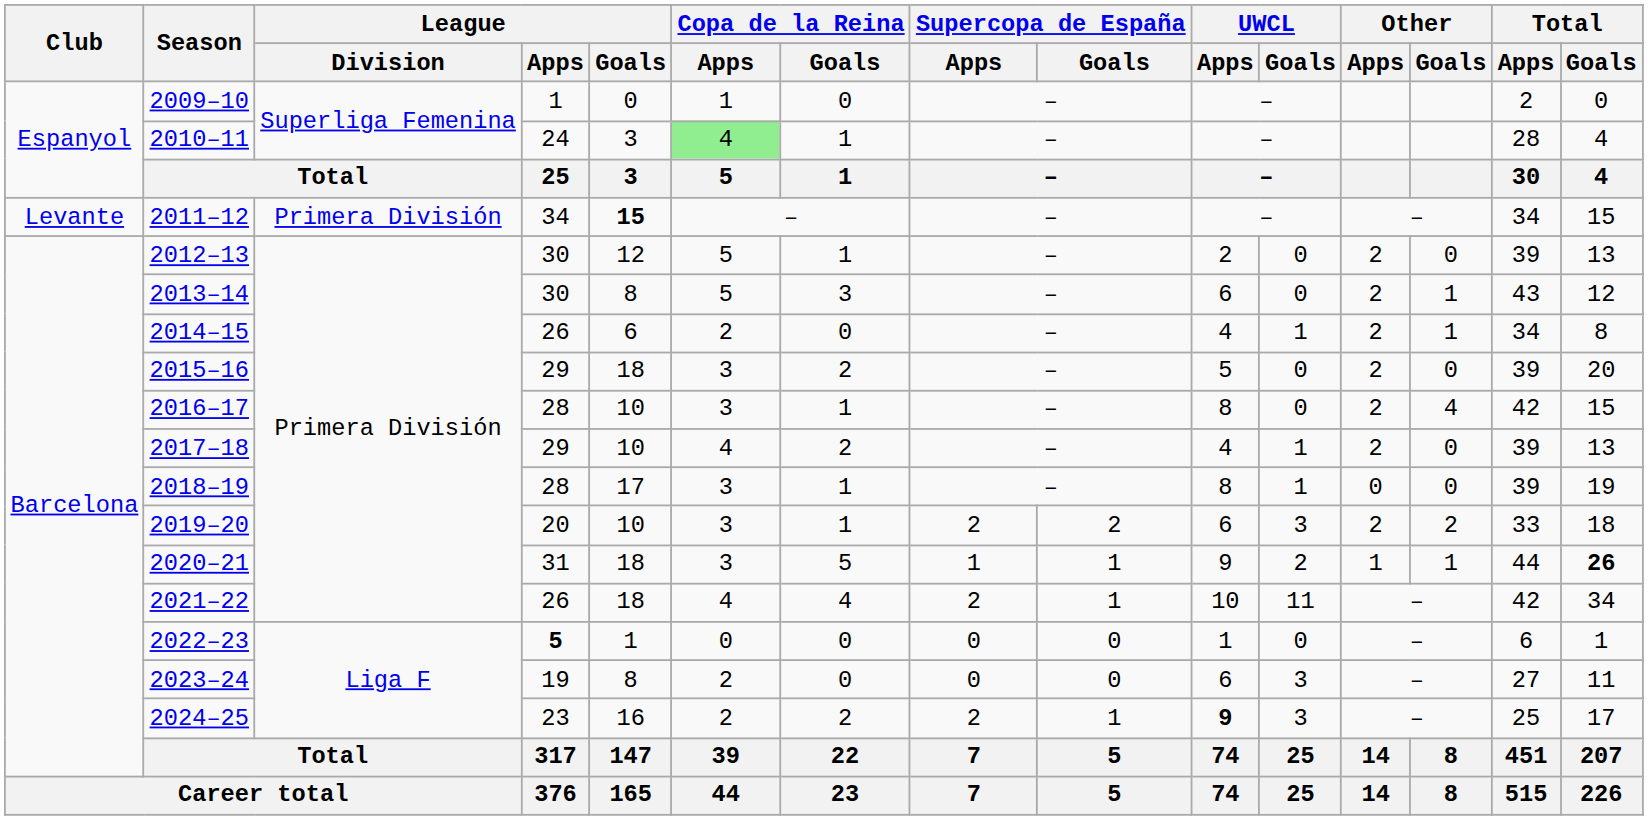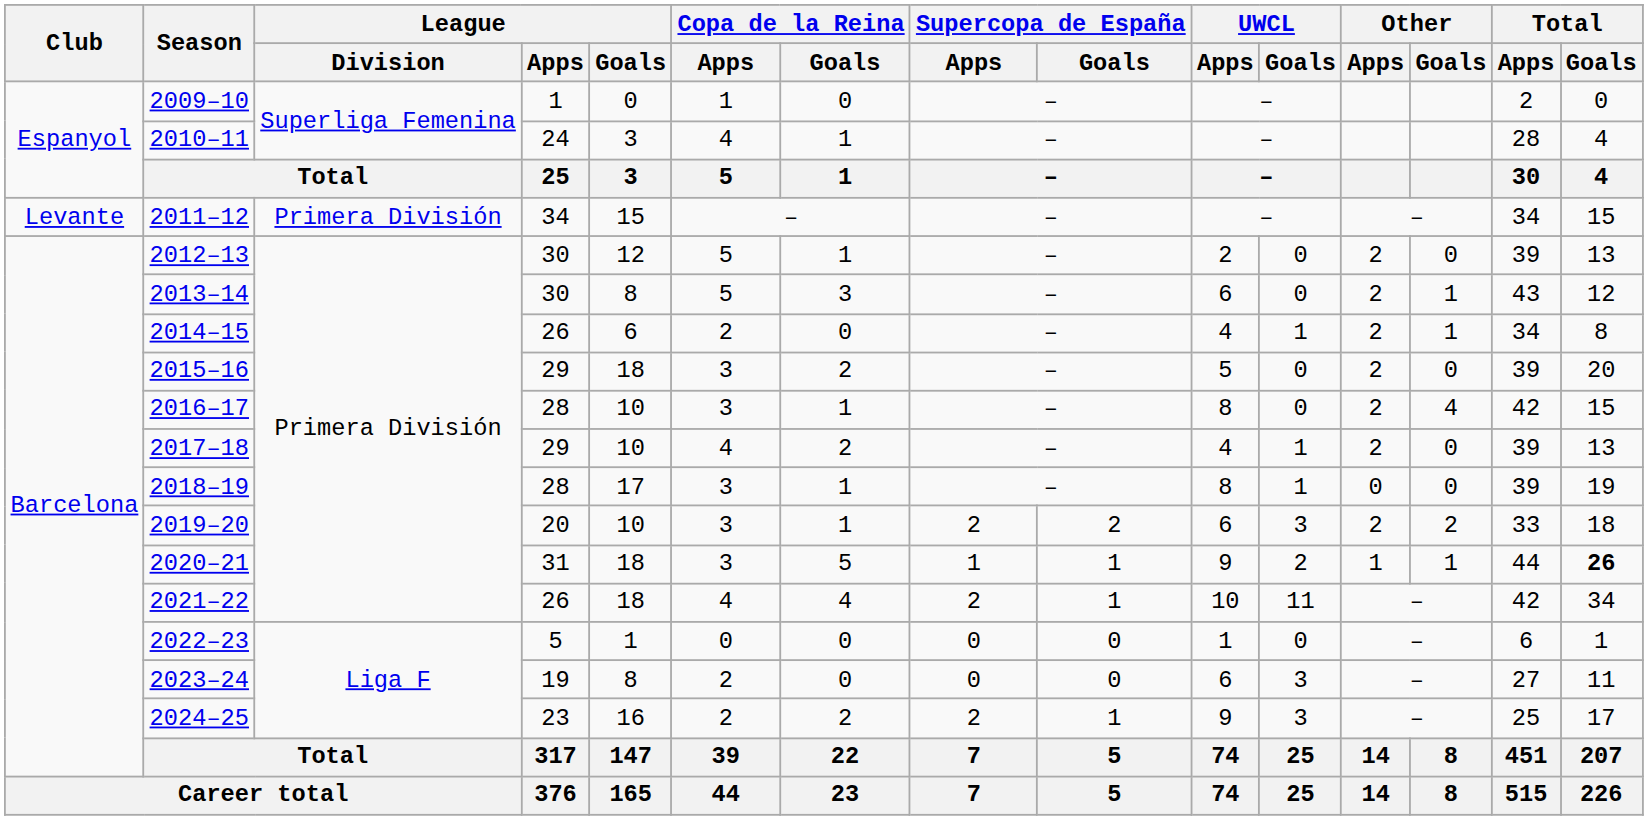 <table class="wikitable" style="text-align:center">
 <tr>
 <th rowspan="2">Club</th>
 <th rowspan="2">Season</th>
 <th colspan="3">League</th>
 <th colspan="2"><a href='#'>Copa de la Reina</a></th>
 <th colspan="2"><a href='#'>Supercopa de España</a></th>
 <th colspan="2"><a href='#'>UWCL</a></th>
 <th colspan="2">Other</th>
 <th colspan="2">Total</th>
 </tr>
 <tr>
 <th>Division</th>
 <th>Apps</th>
 <th>Goals</th>
 <th>Apps</th>
 <th>Goals</th>
 <th>Apps</th>
 <th>Goals</th>
 <th>Apps</th>
 <th>Goals</th>
 <th>Apps</th>
 <th>Goals</th>
 <th>Apps</th>
 <th>Goals</th>
 </tr>
 <tr>
 <td rowspan="3"><a href='#'>Espanyol</a></td>
 <td><a href='#'>2009–10</a></td>
 <td rowspan="2"><a href='#'>Superliga Femenina</a></td>
 <td>1</td>
 <td>0</td>
 <td>1</td>
 <td>0</td>
 <td colspan="2">–</td>
 <td colspan="2">–</td>
 <td></td>
 <td></td>
 <td>2</td>
 <td>0</td>
 </tr>
 <tr>
 <td><a href='#'>2010–11</a></td>
 <td>24</td>
 <td>3</td>
-<td style="background: lightgreen;">4</td>
+<td>4</td>
 <td>1</td>
 <td colspan="2">–</td>
 <td colspan="2">–</td>
 <td></td>
 <td></td>
 <td>28</td>
 <td>4</td>
 </tr>
 <tr>
 <th colspan="2">Total</th>
 <th>25</th>
 <th>3</th>
 <th>5</th>
 <th>1</th>
 <th colspan="2">–</th>
 <th colspan="2">–</th>
 <th></th>
 <th></th>
 <th>30</th>
 <th>4</th>
 </tr>
 <tr>
 <td><a href='#'>Levante</a></td>
 <td><a href='#'>2011–12</a></td>
 <td><a href='#'>Primera División</a></td>
 <td>34</td>
-<td><strong>15</strong></td>
+<td>15</td>
 <td colspan="2">–</td>
 <td colspan="2">–</td>
 <td colspan="2">–</td>
 <td colspan="2">–</td>
 <td>34</td>
 <td>15</td>
 </tr>
 <tr>
 <td rowspan="14"><a href='#'>Barcelona</a></td>
 <td><a href='#'>2012–13</a></td>
 <td rowspan="10">Primera División</td>
 <td>30</td>
 <td>12</td>
 <td>5</td>
 <td>1</td>
 <td colspan="2">–</td>
 <td>2</td>
 <td>0</td>
 <td>2</td>
 <td>0</td>
 <td>39</td>
 <td>13</td>
 </tr>
 <tr>
 <td><a href='#'>2013–14</a></td>
 <td>30</td>
 <td>8</td>
 <td>5</td>
 <td>3</td>
 <td colspan="2">–</td>
 <td>6</td>
 <td>0</td>
 <td>2</td>
 <td>1</td>
 <td>43</td>
 <td>12</td>
 </tr>
 <tr>
 <td><a href='#'>2014–15</a></td>
 <td>26</td>
 <td>6</td>
 <td>2</td>
 <td>0</td>
 <td colspan="2">–</td>
 <td>4</td>
 <td>1</td>
 <td>2</td>
 <td>1</td>
 <td>34</td>
 <td>8</td>
 </tr>
 <tr>
 <td><a href='#'>2015–16</a></td>
 <td>29</td>
 <td>18</td>
 <td>3</td>
 <td>2</td>
 <td colspan="2">–</td>
 <td>5</td>
 <td>0</td>
 <td>2</td>
 <td>0</td>
 <td>39</td>
 <td>20</td>
 </tr>
 <tr>
 <td><a href='#'>2016–17</a></td>
 <td>28</td>
 <td>10</td>
 <td>3</td>
 <td>1</td>
 <td colspan="2">–</td>
 <td>8</td>
 <td>0</td>
 <td>2</td>
 <td>4</td>
 <td>42</td>
 <td>15</td>
 </tr>
 <tr>
 <td><a href='#'>2017–18</a></td>
 <td>29</td>
 <td>10</td>
 <td>4</td>
 <td>2</td>
 <td colspan="2">–</td>
 <td>4</td>
 <td>1</td>
 <td>2</td>
 <td>0</td>
 <td>39</td>
 <td>13</td>
 </tr>
 <tr>
 <td><a href='#'>2018–19</a></td>
 <td>28</td>
 <td>17</td>
 <td>3</td>
 <td>1</td>
 <td colspan="2">–</td>
 <td>8</td>
 <td>1</td>
 <td>0</td>
 <td>0</td>
 <td>39</td>
 <td>19</td>
 </tr>
 <tr>
 <td><a href='#'>2019–20</a></td>
 <td>20</td>
 <td>10</td>
 <td>3</td>
 <td>1</td>
 <td>2</td>
 <td>2</td>
 <td>6</td>
 <td>3</td>
 <td>2</td>
 <td>2</td>
 <td>33</td>
 <td>18</td>
 </tr>
 <tr>
 <td><a href='#'>2020–21</a></td>
 <td>31</td>
 <td>18</td>
 <td>3</td>
 <td>5</td>
 <td>1</td>
 <td>1</td>
 <td>9</td>
 <td>2</td>
 <td>1</td>
 <td>1</td>
 <td>44</td>
 <td><strong>26</strong></td>
 </tr>
 <tr>
 <td><a href='#'>2021–22</a></td>
 <td>26</td>
 <td>18</td>
 <td>4</td>
 <td>4</td>
 <td>2</td>
 <td>1</td>
 <td>10</td>
 <td>11</td>
 <td colspan="2">–</td>
 <td>42</td>
 <td>34</td>
 </tr>
 <tr>
 <td><a href='#'>2022–23</a></td>
 <td rowspan="3"><a href='#'>Liga F</a></td>
-<td><strong>5</strong></td>
+<td>5</td>
 <td>1</td>
 <td>0</td>
 <td>0</td>
 <td>0</td>
 <td>0</td>
 <td>1</td>
 <td>0</td>
 <td colspan="2">–</td>
 <td>6</td>
 <td>1</td>
 </tr>
 <tr>
 <td><a href='#'>2023–24</a></td>
 <td>19</td>
 <td>8</td>
 <td>2</td>
 <td>0</td>
 <td>0</td>
 <td>0</td>
 <td>6</td>
 <td>3</td>
 <td colspan="2">–</td>
 <td>27</td>
 <td>11</td>
 </tr>
 <tr>
 <td><a href='#'>2024–25</a></td>
 <td>23</td>
 <td>16</td>
 <td>2</td>
 <td>2</td>
 <td>2</td>
 <td>1</td>
-<td><strong>9</strong></td>
+<td>9</td>
 <td>3</td>
 <td colspan="2">–</td>
 <td>25</td>
 <td>17</td>
 </tr>
 <tr>
 <th colspan="2">Total</th>
 <th>317</th>
 <th>147</th>
 <th>39</th>
 <th>22</th>
 <th>7</th>
 <th>5</th>
 <th>74</th>
 <th>25</th>
 <th>14</th>
 <th>8</th>
 <th>451</th>
 <th>207</th>
 </tr>
 <tr>
 <th colspan="3">Career total</th>
 <th>376</th>
 <th>165</th>
 <th>44</th>
 <th>23</th>
 <th>7</th>
 <th>5</th>
 <th>74</th>
 <th>25</th>
 <th>14</th>
 <th>8</th>
 <th>515</th>
 <th>226</th>
 </tr>
 </table>
